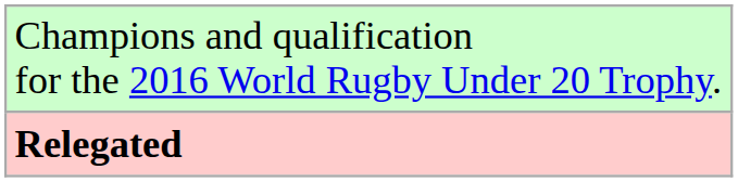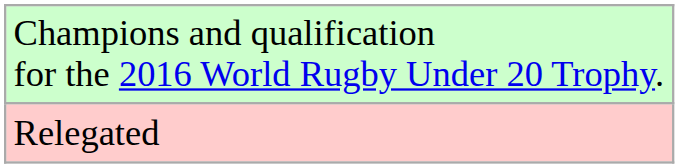 <table class="wikitable">
 <tr style="width:10px; background:#cfc;">
 <td>Champions and qualification<br>for the <a href='#'>2016 World Rugby Under 20 Trophy</a>.</td>
 </tr>
 <tr style="width:10px; background:#fcc;">
-<td><strong>Relegated</strong></td>
+<td>Relegated</td>
 </tr>
 </table>
